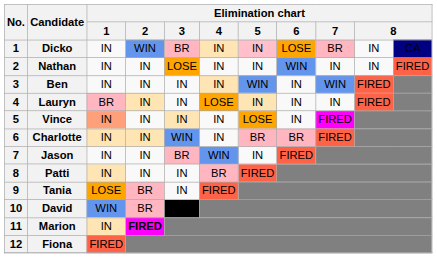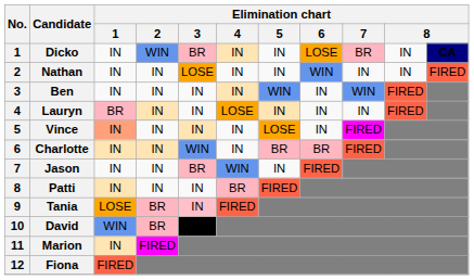 <table class="wikitable" style="text-align:center">
 <tr>
 <th rowspan=2>No.</th>
 <th rowspan=2>Candidate</th>
 <th colspan="16">Elimination chart</th>
 </tr>
 <tr>
 <th>1</th>
 <th>2</th>
 <th>3</th>
 <th>4</th>
 <th>5</th>
 <th>6</th>
 <th>7</th>
 <th colspan=2>8</th>
 </tr>
 <tr>
 <th>1</th>
 <th>Dicko</th>
 <td>IN</td>
 <td style="background:cornflowerblue;">WIN</td>
 <td style="background:lightpink;">BR</td>
 <td style="background:#FFE5B4;">IN</td>
-<td style="background: pink;">IN</td>
+<td>IN</td>
 <td style="background:orange;">LOSE</td>
 <td style="background:lightpink;">BR</td>
 <td>IN</td>
-<td style="background:navy;"><span> CA </span></td>
+<td style="background:navy;"><strong><span> CA </span></strong></td>
 </tr>
 <tr>
 <th>2</th>
 <th>Nathan</th>
 <td>IN</td>
 <td>IN</td>
 <td style="background:orange;">LOSE</td>
 <td>IN</td>
 <td>IN</td>
 <td style="background:cornflowerblue;">WIN</td>
 <td>IN</td>
 <td>IN</td>
 <td style="background:tomato;">FIRED</td>
 </tr>
 <tr>
 <th>3</th>
 <th>Ben</th>
 <td>IN</td>
 <td>IN</td>
 <td>IN</td>
 <td style="background:#FFE5B4;">IN</td>
 <td style="background:cornflowerblue;">WIN</td>
 <td>IN</td>
 <td style="background:cornflowerblue;">WIN</td>
 <td style="background:tomato;">FIRED</td>
 <td colspan="2" style="background:gray;"></td>
 </tr>
 <tr>
 <th>4</th>
 <th>Lauryn</th>
 <td style="background:lightpink;">BR</td>
 <td style="background:#FFE5B4;">IN</td>
 <td>IN</td>
 <td style="background:orange;">LOSE</td>
 <td style="background:#FFE5B4;">IN</td>
 <td>IN</td>
 <td>IN</td>
 <td style="background:tomato;">FIRED</td>
 <td colspan="2" style="background:gray;"></td>
 </tr>
 <tr>
 <th>5</th>
 <th>Vince</th>
 <td style="background: lightsalmon;">IN</td>
 <td>IN</td>
 <td style="background:#FFE5B4;">IN</td>
 <td>IN</td>
 <td style="background:orange;">LOSE</td>
 <td>IN</td>
 <td style="background:magenta;">FIRED</td>
 <td colspan="3" style="background:gray;"></td>
 </tr>
 <tr>
 <th>6</th>
 <th>Charlotte</th>
 <td style="background:#FFE5B4;">IN</td>
 <td style="background:#FFE5B4;">IN</td>
 <td style="background:cornflowerblue;">WIN</td>
 <td>IN</td>
 <td style="background:lightpink;">BR</td>
 <td style="background:lightpink;">BR</td>
 <td style="background:tomato;">FIRED</td>
 <td colspan="3" style="background:gray;"></td>
 </tr>
 <tr>
 <th>7</th>
 <th>Jason</th>
 <td>IN</td>
 <td>IN</td>
 <td style="background:lightpink;">BR</td>
 <td style="background:cornflowerblue;">WIN</td>
 <td>IN</td>
 <td style="background:tomato;">FIRED</td>
 <td colspan="4" style="background:gray;"></td>
 </tr>
 <tr>
 <th>8</th>
 <th>Patti</th>
 <td style="background:#FFE5B4;">IN</td>
 <td>IN</td>
 <td>IN</td>
 <td style="background:lightpink;">BR</td>
 <td style="background:tomato;">FIRED</td>
 <td colspan="5" style="background:gray;"></td>
 </tr>
 <tr>
 <th>9</th>
 <th>Tania</th>
 <td style="background:orange;">LOSE</td>
 <td style="background:lightpink;">BR</td>
-<td>IN</td>
+<td style="background: pink;">IN</td>
 <td style="background:tomato;">FIRED</td>
 <td colspan="6" style="background:gray;"></td>
 </tr>
 <tr>
 <th>10</th>
 <th>David</th>
 <td style="background:cornflowerblue;">WIN</td>
 <td style="background:lightpink;">BR</td>
 <td style="background:black;"><span> QUIT </span></td>
 <td colspan="7" style="background:gray;"></td>
 </tr>
 <tr>
 <th>11</th>
 <th>Marion</th>
 <td style="background:#FFE5B4;">IN</td>
-<td style="background:magenta;"><strong>FIRED</strong></td>
+<td style="background:magenta;">FIRED</td>
 <td colspan="8" style="background:gray;"></td>
 </tr>
 <tr>
 <th>12</th>
 <th>Fiona</th>
 <td style="background:tomato;">FIRED</td>
 <td colspan="9" style="background:gray;"></td>
 </tr>
 <tr>
 </tr>
 </table>
